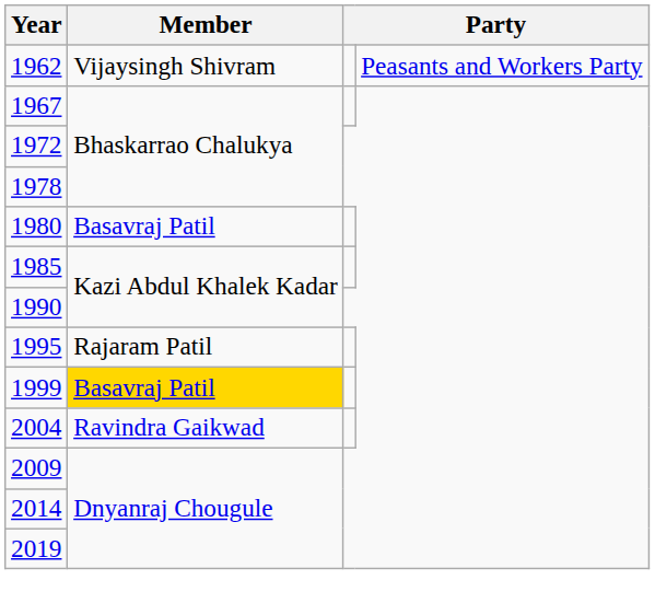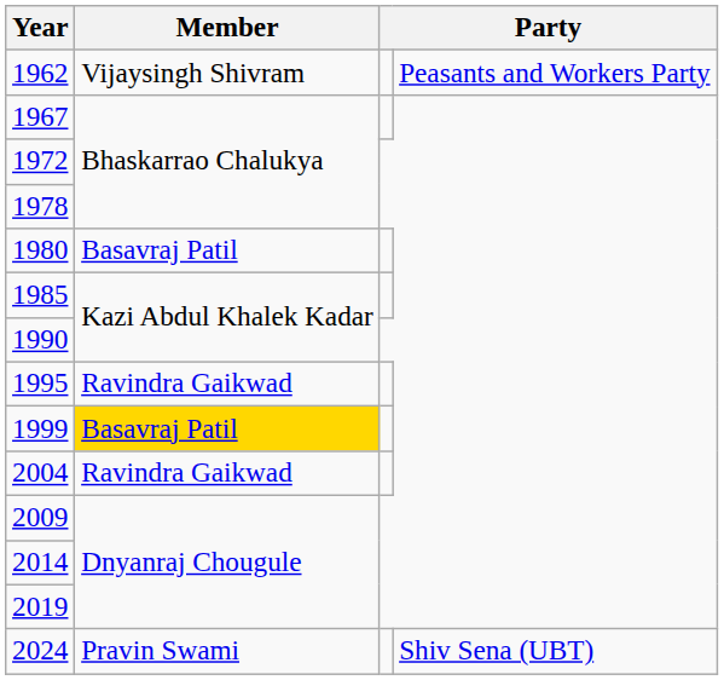 <table class="wikitable">
 <tr>
 <th>Year</th>
 <th>Member</th>
 <th colspan="2">Party</th>
 </tr>
 <tr>
 <td><a href='#'>1962</a></td>
 <td>Vijaysingh Shivram</td>
 <td style="background-color: "></td>
 <td><a href='#'>Peasants and Workers Party</a></td>
 </tr>
 <tr>
 <td><a href='#'>1967</a></td>
 <td rowspan=3>Bhaskarrao Chalukya</td>
 <td></td>
 </tr>
 <tr>
 <td><a href='#'>1972</a></td>
 </tr>
 <tr>
 <td><a href='#'>1978</a></td>
 </tr>
 <tr>
 <td><a href='#'>1980</a></td>
 <td><a href='#'>Basavraj Patil</a></td>
 <td></td>
 </tr>
 <tr>
 <td><a href='#'>1985</a></td>
 <td rowspan=2>Kazi Abdul Khalek Kadar</td>
 <td></td>
 </tr>
 <tr>
 <td><a href='#'>1990</a></td>
 </tr>
 <tr>
 <td><a href='#'>1995</a></td>
-<td>Rajaram Patil</td>
+<td><a href='#'>Ravindra Gaikwad</a></td>
 <td></td>
 </tr>
 <tr>
 <td><a href='#'>1999</a></td>
 <td style="background: gold;"><a href='#'>Basavraj Patil</a></td>
 <td></td>
 </tr>
 <tr>
 <td><a href='#'>2004</a></td>
 <td><a href='#'>Ravindra Gaikwad</a></td>
 <td></td>
 </tr>
 <tr>
 <td><a href='#'>2009</a></td>
 <td rowspan=3><a href='#'>Dnyanraj Chougule</a></td>
 </tr>
 <tr>
 <td><a href='#'>2014</a></td>
 </tr>
 <tr>
 <td><a href='#'>2019</a></td>
 </tr>
+<tr>
+<td><a href='#'>2024</a></td>
+<td><a href='#'>Pravin Swami</a></td>
+<td style="background-color: "></td>
+<td><a href='#'>Shiv Sena (UBT)</a></td>
+</tr>
 </table>
